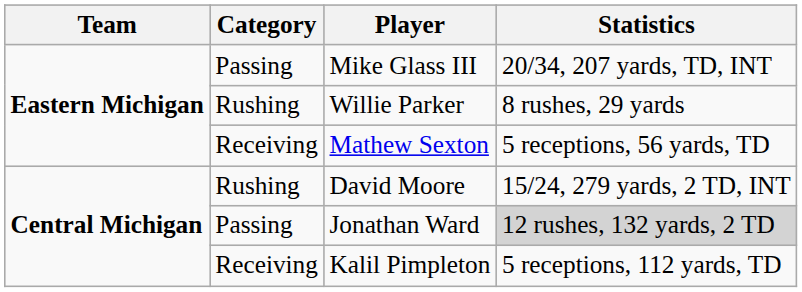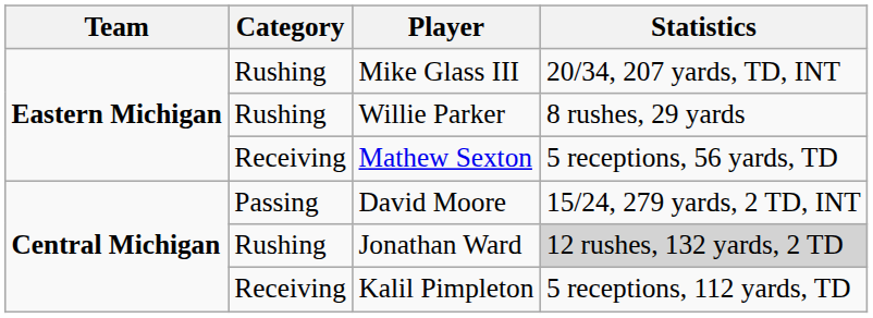 <table class="wikitable" style="float: left;">
 <tr>
 <th>Team</th>
 <th>Category</th>
 <th>Player</th>
 <th>Statistics</th>
 </tr>
 <tr>
 <td rowspan=3><strong>Eastern Michigan</strong></td>
-<td>Passing</td>
+<td>Rushing</td>
 <td>Mike Glass III</td>
 <td>20/34, 207 yards, TD, INT</td>
 </tr>
 <tr>
 <td>Rushing</td>
 <td>Willie Parker</td>
 <td>8 rushes, 29 yards</td>
 </tr>
 <tr>
 <td>Receiving</td>
 <td><a href='#'>Mathew Sexton</a></td>
 <td>5 receptions, 56 yards, TD</td>
 </tr>
 <tr>
 <td rowspan=3><strong>Central Michigan</strong></td>
-<td>Rushing</td>
+<td>Passing</td>
 <td>David Moore</td>
 <td>15/24, 279 yards, 2 TD, INT</td>
 </tr>
 <tr>
-<td>Passing</td>
+<td>Rushing</td>
 <td>Jonathan Ward</td>
 <td style="background: lightgrey;">12 rushes, 132 yards, 2 TD</td>
 </tr>
 <tr>
 <td>Receiving</td>
 <td>Kalil Pimpleton</td>
 <td>5 receptions, 112 yards, TD</td>
 </tr>
 </table>
